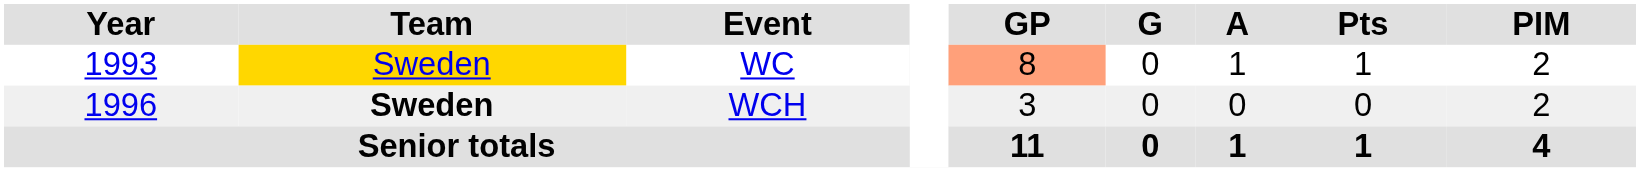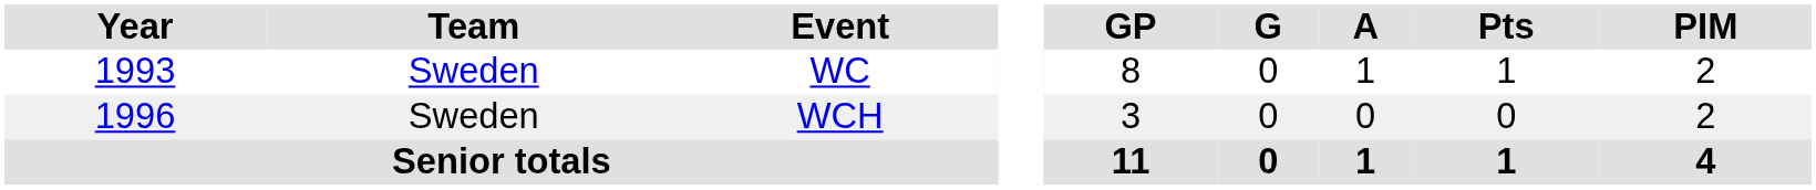 <table border="0" cellpadding="1" cellspacing="0" style="text-align:center; width:50em">
 <tr ALIGN="center" bgcolor="#e0e0e0">
 <th>Year</th>
 <th>Team</th>
 <th>Event</th>
 <th rowspan="99" bgcolor="#ffffff"> </th>
 <th>GP</th>
 <th>G</th>
 <th>A</th>
 <th>Pts</th>
 <th>PIM</th>
 </tr>
 <tr>
 <td><a href='#'>1993</a></td>
-<td style="background: gold;"><a href='#'>Sweden</a></td>
+<td><a href='#'>Sweden</a></td>
 <td><a href='#'>WC</a></td>
-<td style="background: lightsalmon;">8</td>
+<td>8</td>
 <td>0</td>
 <td>1</td>
 <td>1</td>
 <td>2</td>
 </tr>
 <tr bgcolor="#f0f0f0">
 <td><a href='#'>1996</a></td>
-<td><strong>Sweden</strong></td>
+<td>Sweden</td>
 <td><a href='#'>WCH</a></td>
 <td>3</td>
 <td>0</td>
 <td>0</td>
 <td>0</td>
 <td>2</td>
 </tr>
 <tr bgcolor="#e0e0e0">
 <th colspan=3>Senior totals</th>
 <th>11</th>
 <th>0</th>
 <th>1</th>
 <th>1</th>
 <th>4</th>
 </tr>
 </table>
